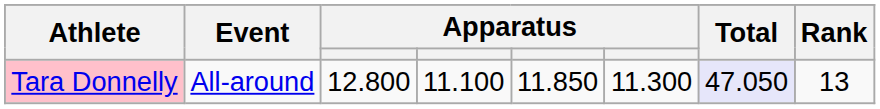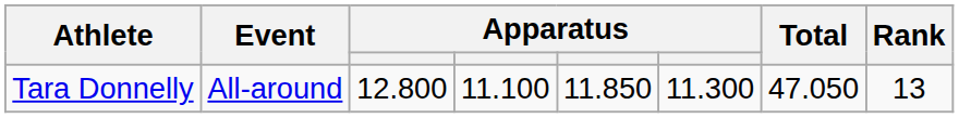 <table class="wikitable" style="font-size:90%">
 <tr>
 <th rowspan=2>Athlete</th>
 <th rowspan=2>Event</th>
 <th colspan=4>Apparatus</th>
 <th rowspan=2>Total</th>
 <th rowspan=2>Rank</th>
 </tr>
 <tr style="font-size:95%">
 <th></th>
 <th></th>
 <th></th>
 <th></th>
 </tr>
 <tr align=center>
-<td align=left style="background: pink;"><a href='#'>Tara Donnelly</a></td>
+<td align=left><a href='#'>Tara Donnelly</a></td>
 <td align=left><a href='#'>All-around</a></td>
 <td>12.800</td>
 <td>11.100</td>
 <td>11.850</td>
 <td>11.300</td>
-<td style="background: lavender;">47.050</td>
+<td>47.050</td>
 <td>13</td>
 </tr>
 </table>
